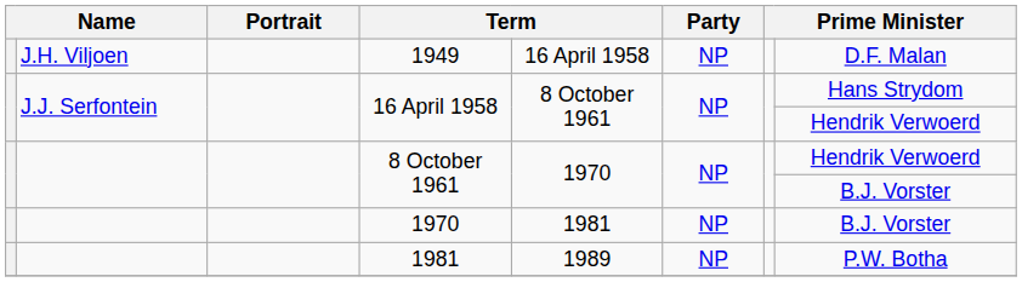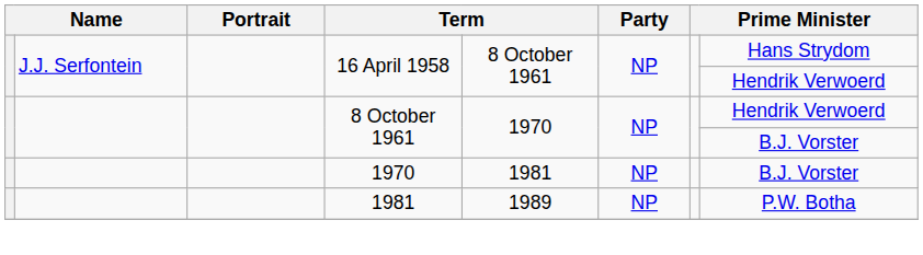 <table class="wikitable" width=60%>
 <tr>
 <th colspan=2 width=20%>Name</th>
 <th width=75>Portrait</th>
 <th colspan=2 width=30%>Term</th>
 <th width=10%>Party</th>
 <th colspan=2 width=25%>Prime Minister</th>
-</tr>
-<tr style="text-align:center">
-<th style="width:1%;background-color: "></th>
-<td align=left><a href='#'>J.H. Viljoen</a></td>
-<td></td>
-<td>1949</td>
-<td>16 April 1958</td>
-<td><a href='#'>NP</a></td>
-<td style="width:1%;background-color: "></td>
-<td><a href='#'>D.F. Malan</a><br> </td>
 </tr>
 <tr style="text-align:center">
 <th rowspan=2 style="width:1%;background-color: "></th>
 <td rowspan=2 align=left><a href='#'>J.J. Serfontein</a></td>
 <td rowspan=2></td>
 <td rowspan=2>16 April 1958</td>
 <td rowspan=2>8 October 1961</td>
 <td rowspan=2><a href='#'>NP</a></td>
 <td rowspan=2 style="width:1%;background-color: "></td>
 <td><a href='#'>Hans Strydom</a><br> </td>
 </tr>
 <tr style="text-align:center">
 <td><a href='#'>Hendrik Verwoerd</a><br> </td>
 </tr>
 <tr style="text-align:center">
 <th rowspan=2 style="width:1%;background-color: "></th>
 <td rowspan=2 align=left></td>
 <td rowspan=2></td>
 <td rowspan=2>8 October 1961</td>
 <td rowspan=2>1970</td>
 <td rowspan=2><a href='#'>NP</a></td>
 <td rowspan=2 style="width:1%;background-color: "></td>
 <td><a href='#'>Hendrik Verwoerd</a><br> </td>
 </tr>
 <tr style="text-align:center">
 <td><a href='#'>B.J. Vorster</a><br> </td>
 </tr>
 <tr style="text-align:center">
 <th style="width:1%;background-color: "></th>
 <td align=left></td>
 <td></td>
 <td>1970</td>
 <td>1981</td>
 <td><a href='#'>NP</a></td>
 <td style="width:1%;background-color: "></td>
 <td><a href='#'>B.J. Vorster</a><br> </td>
 </tr>
 <tr style="text-align:center">
 <th style="width:1%;background-color: "></th>
 <td align=left></td>
 <td></td>
 <td>1981</td>
 <td>1989</td>
 <td><a href='#'>NP</a></td>
 <td style="width:1%;background-color: "></td>
 <td><a href='#'>P.W. Botha</a><br> </td>
 </tr>
 <tr>
 </tr>
 </table>
